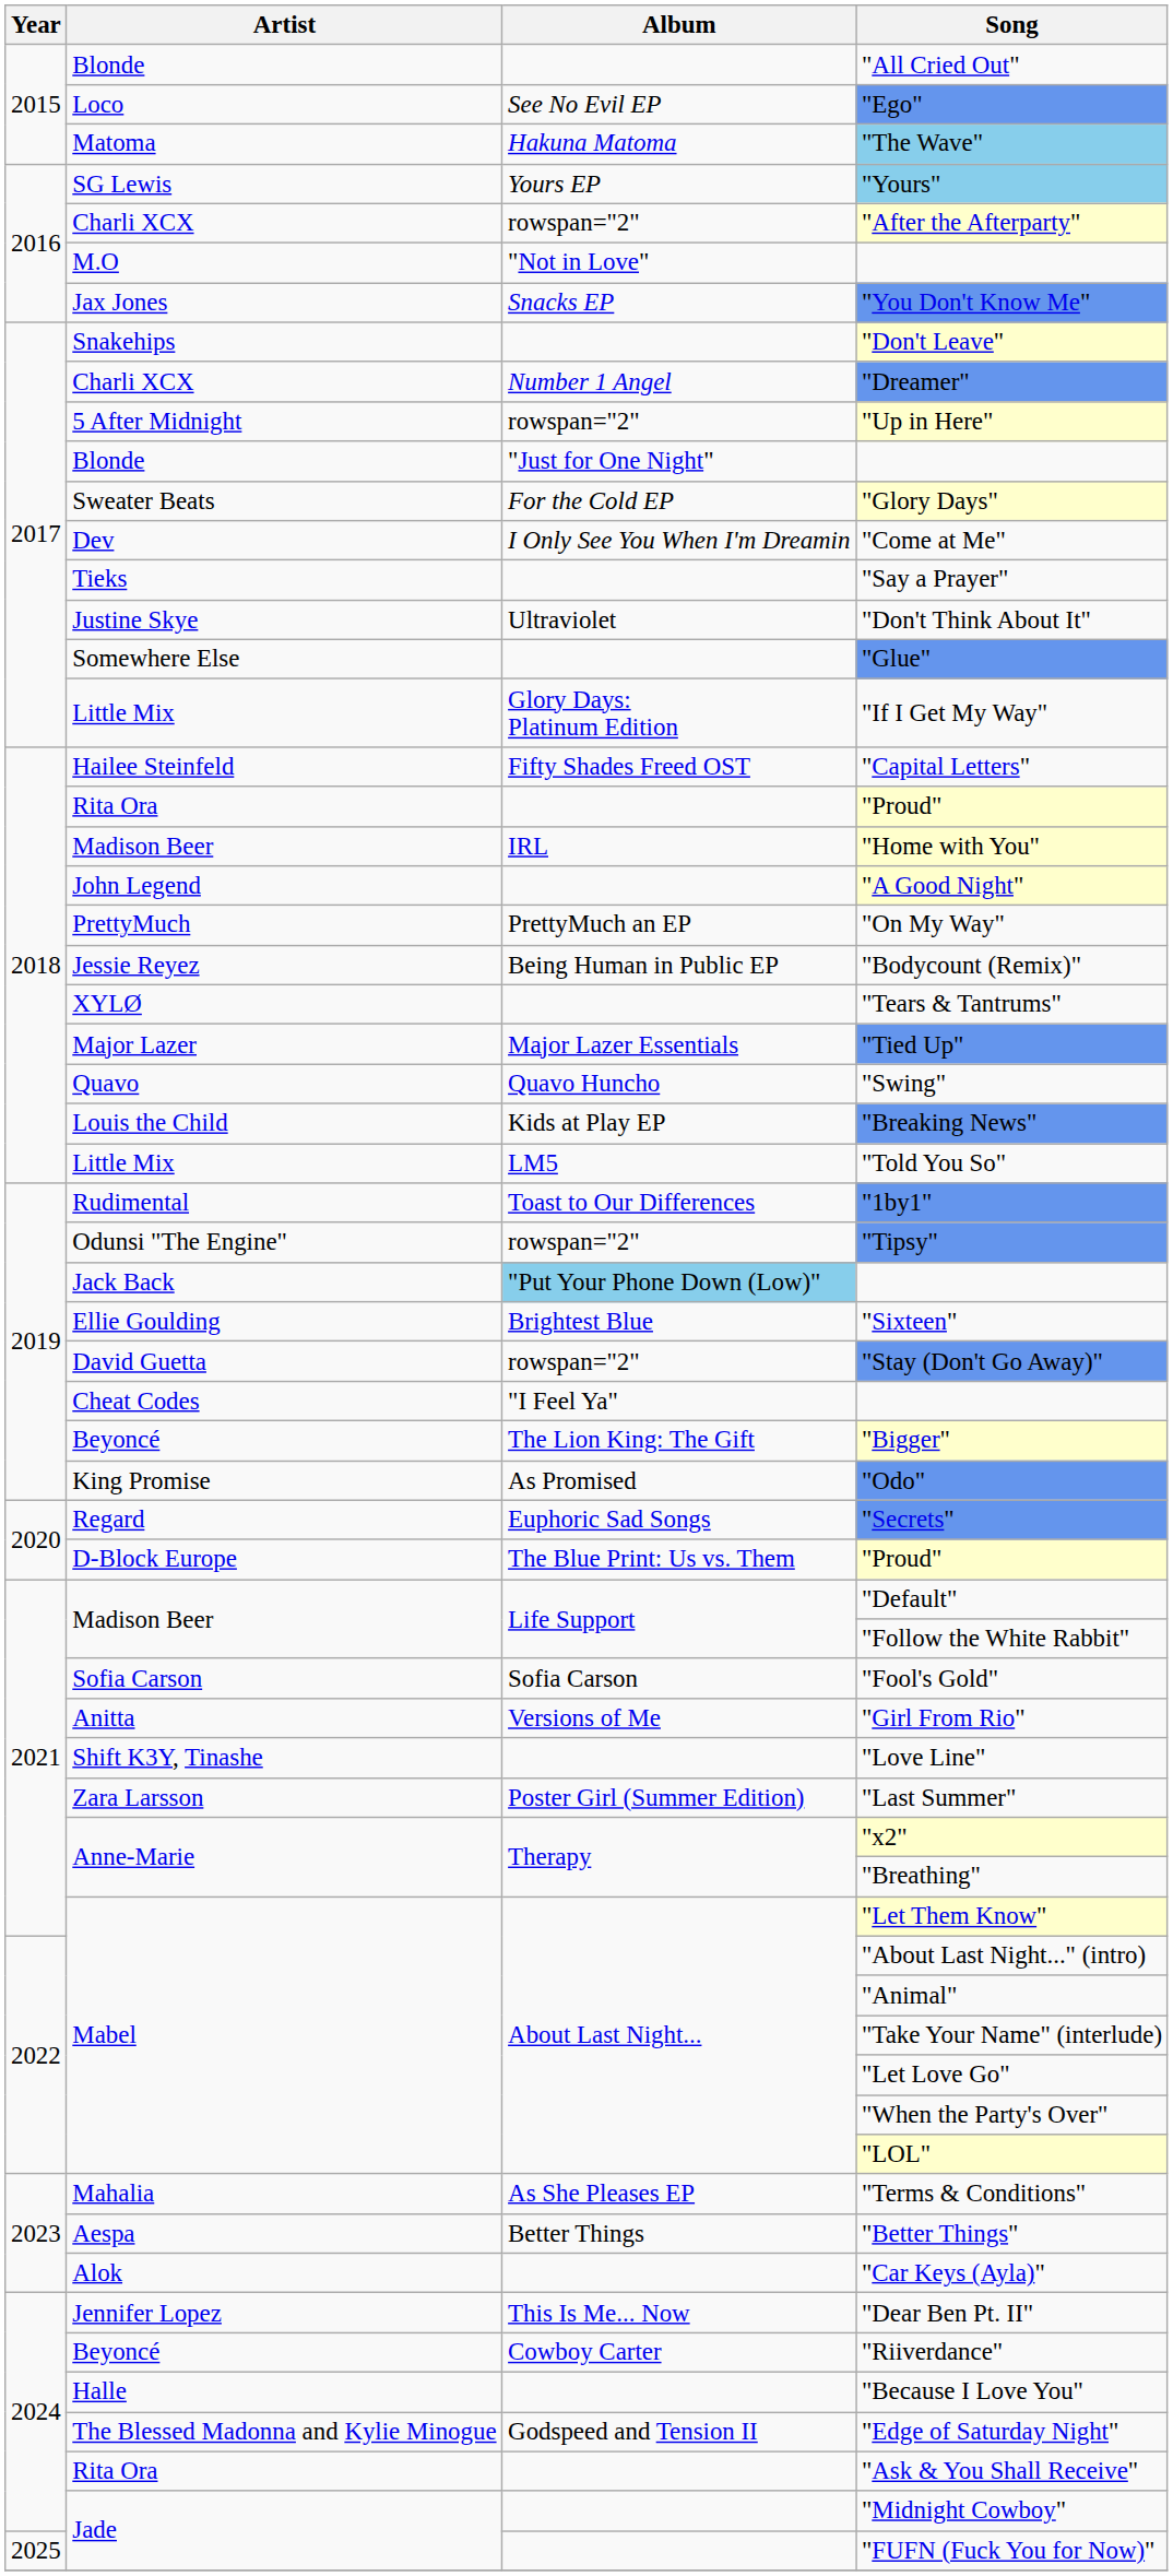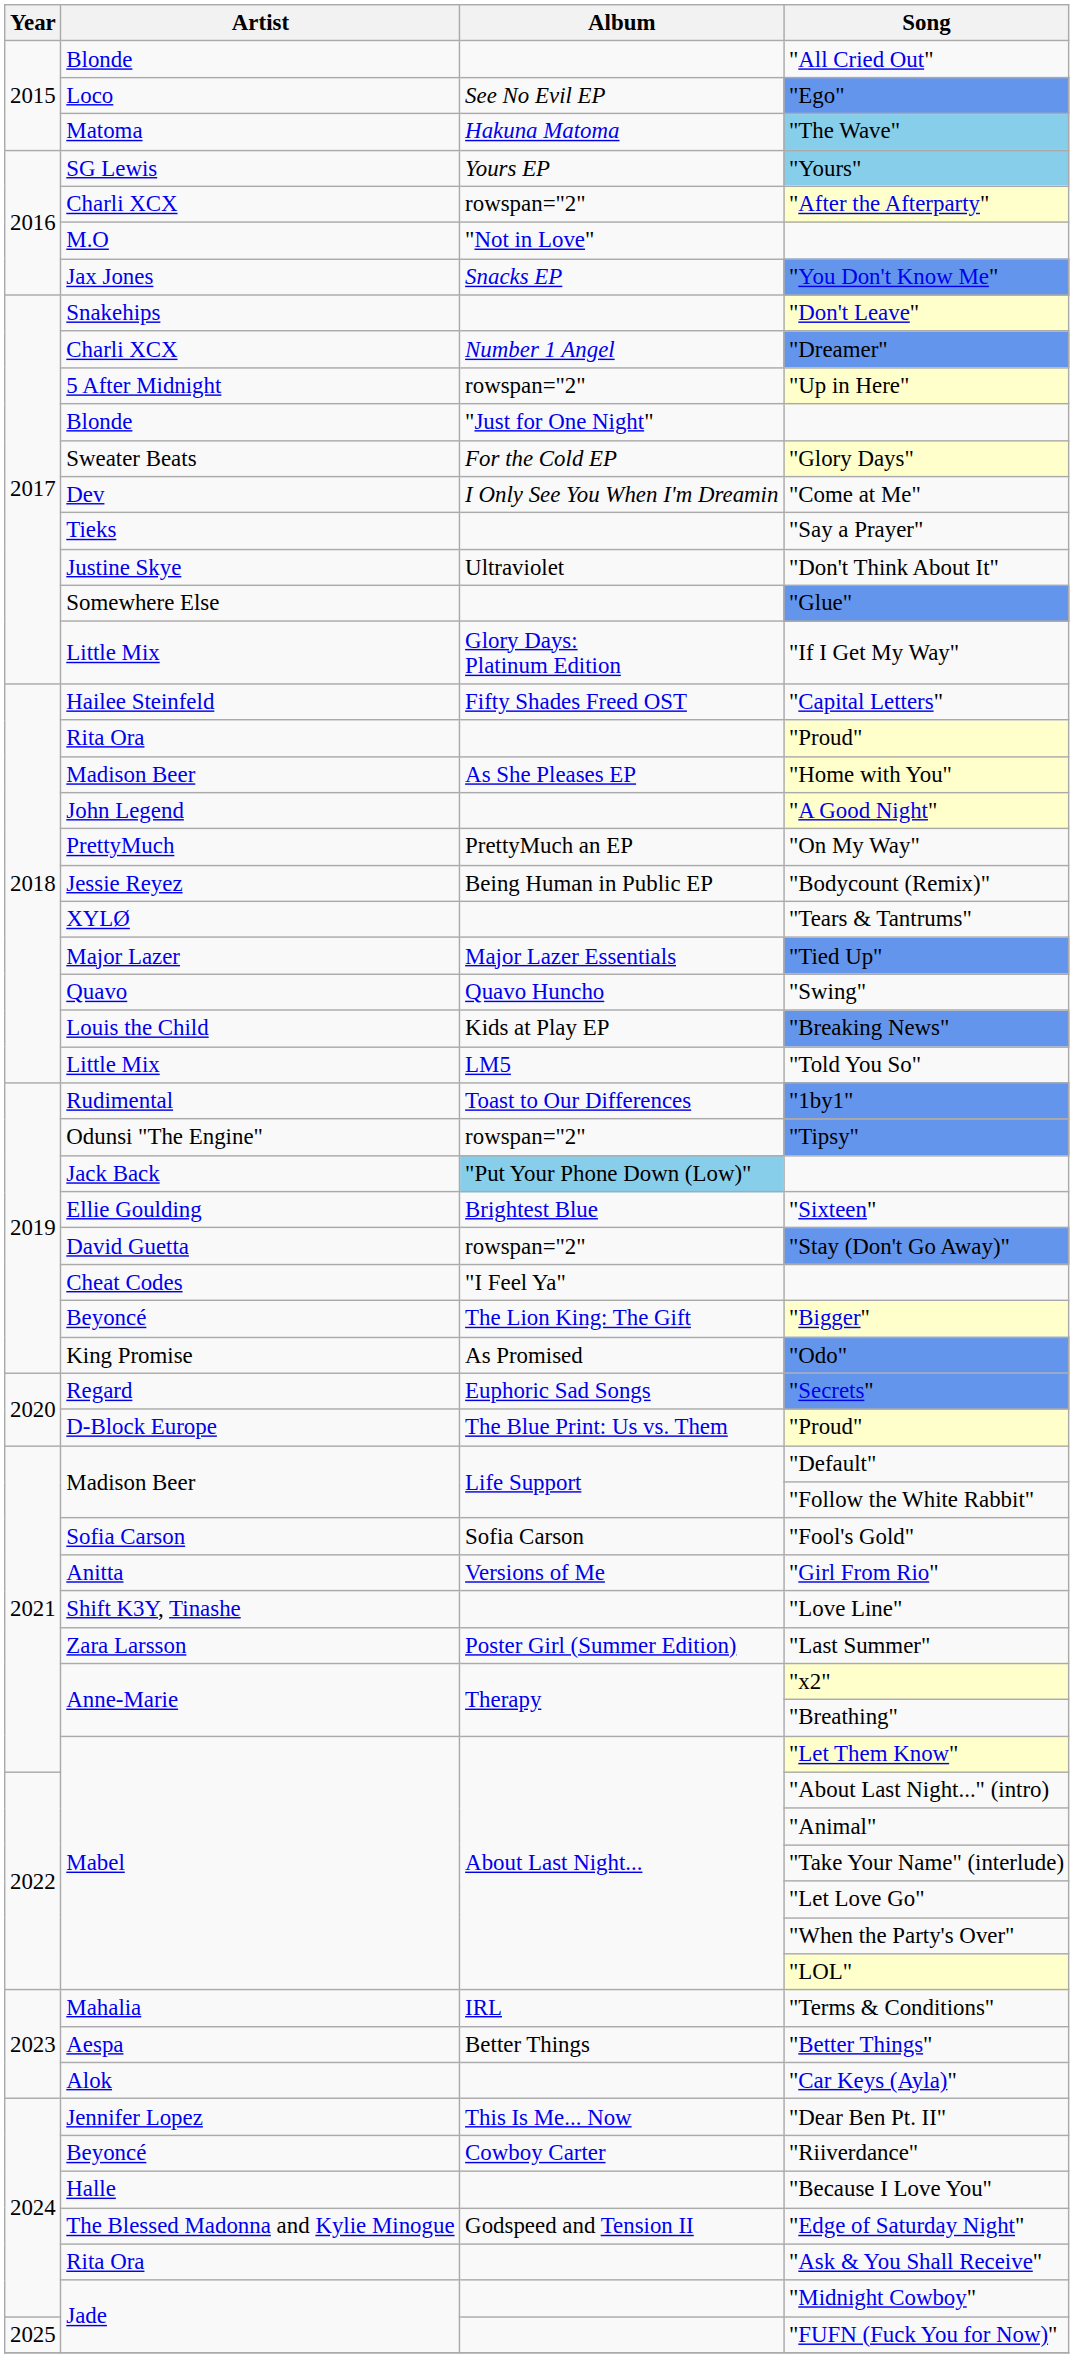 <table class="wikitable">
 <tr>
 <th>Year</th>
 <th>Artist</th>
 <th>Album</th>
 <th>Song</th>
 </tr>
 <tr>
 <td rowspan="3">2015</td>
 <td><a href='#'>Blonde</a></td>
 <td></td>
 <td>"<a href='#'>All Cried Out</a>"<br></td>
 </tr>
 <tr>
 <td><a href='#'>Loco</a></td>
 <td><em>See No Evil EP</em></td>
 <td style="background:#6495ed">"Ego"<br></td>
 </tr>
 <tr>
 <td><a href='#'>Matoma</a></td>
 <td><em><a href='#'>Hakuna Matoma</a></em></td>
 <td style="background:#87ceeb">"The Wave"<br></td>
 </tr>
 <tr>
 <td rowspan="4">2016</td>
 <td><a href='#'>SG Lewis</a></td>
 <td><em>Yours EP</em></td>
 <td style="background:#87ceeb">"Yours"</td>
 </tr>
 <tr>
 <td><a href='#'>Charli XCX</a></td>
 <td>rowspan="2" </td>
 <td style="background:#ffffcc">"<a href='#'>After the Afterparty</a>"<br></td>
 </tr>
 <tr>
 <td><a href='#'>M.O</a></td>
 <td>"<a href='#'>Not in Love</a>"<br></td>
 </tr>
 <tr>
 <td><a href='#'>Jax Jones</a></td>
 <td><em><a href='#'>Snacks EP</a></em></td>
 <td style="background:#6495ed">"<a href='#'>You Don't Know Me</a>"<br></td>
 </tr>
 <tr>
 <td rowspan="10">2017</td>
 <td><a href='#'>Snakehips</a></td>
 <td></td>
 <td style="background:#ffffcc">"<a href='#'>Don't Leave</a>"<br></td>
 </tr>
 <tr>
 <td><a href='#'>Charli XCX</a></td>
 <td><em><a href='#'>Number 1 Angel</a></em></td>
 <td style="background:#6495ed">"Dreamer"<br></td>
 </tr>
 <tr>
 <td><a href='#'>5 After Midnight</a></td>
 <td>rowspan="2" </td>
 <td style="background:#ffffcc">"Up in Here"</td>
 </tr>
 <tr>
 <td><a href='#'>Blonde</a></td>
 <td>"<a href='#'>Just for One Night</a>"<br></td>
 </tr>
 <tr>
 <td>Sweater Beats</td>
 <td><em>For the Cold EP</em></td>
 <td style="background:#ffffcc">"Glory Days"<br></td>
 </tr>
 <tr>
 <td><a href='#'>Dev</a></td>
 <td><em>I Only See You When I'm Dreamin<strong></td>
 <td>"Come at Me"</td>
 </tr>
 <tr>
 <td><a href='#'>Tieks</a></td>
 <td></td>
 <td>"Say a Prayer"<br></td>
 </tr>
 <tr>
 <td><a href='#'>Justine Skye</a></td>
 <td></em>Ultraviolet<em></td>
 <td>"Don't Think About It"</td>
 </tr>
 <tr>
 <td>Somewhere Else</td>
 <td></td>
 <td style="background:#6495ed">"Glue"<br></td>
 </tr>
 <tr>
 <td><a href='#'>Little Mix</a></td>
 <td></em><a href='#'>Glory Days:<br>Platinum Edition</a><em></td>
 <td>"If I Get My Way"</td>
 </tr>
 <tr>
 <td rowspan="11">2018</td>
 <td><a href='#'>Hailee Steinfeld</a></td>
 <td></em><a href='#'>Fifty Shades Freed OST</a><em></td>
 <td>"<a href='#'>Capital Letters</a>"<br></td>
 </tr>
 <tr>
 <td><a href='#'>Rita Ora</a></td>
 <td></td>
 <td style="background:#ffffcc">"Proud"</td>
 </tr>
 <tr>
 <td><a href='#'>Madison Beer</a></td>
-<td></em><a href='#'>IRL</a><em></td>
+<td></em><a href='#'>As She Pleases EP</a><em></td>
 <td style="background:#ffffcc">"Home with You"</td>
 </tr>
 <tr>
 <td><a href='#'>John Legend</a></td>
 <td></td>
 <td style="background:#ffffcc">"<a href='#'>A Good Night</a>"<br></td>
 </tr>
 <tr>
 <td><a href='#'>PrettyMuch</a></td>
 <td></em>PrettyMuch an EP<em></td>
 <td>"On My Way"</td>
 </tr>
 <tr>
 <td><a href='#'>Jessie Reyez</a></td>
 <td></em>Being Human in Public EP<em></td>
 <td>"Bodycount (Remix)"<br></td>
 </tr>
 <tr>
 <td><a href='#'>XYLØ</a></td>
 <td></td>
 <td>"Tears & Tantrums"</td>
 </tr>
 <tr>
 <td><a href='#'>Major Lazer</a></td>
 <td></em><a href='#'>Major Lazer Essentials</a><em></td>
 <td style="background:#6495ed">"Tied Up" </td>
 </tr>
 <tr>
 <td><a href='#'>Quavo</a></td>
 <td></em><a href='#'>Quavo Huncho</a><em></td>
 <td>"Swing"<br></td>
 </tr>
 <tr>
 <td><a href='#'>Louis the Child</a></td>
 <td></em>Kids at Play EP<em></td>
 <td style="background:#6495ed">"Breaking News"<br></td>
 </tr>
 <tr>
 <td><a href='#'>Little Mix</a></td>
 <td></em><a href='#'>LM5</a><em></td>
 <td>"Told You So"</td>
 </tr>
 <tr>
 <td rowspan="8">2019</td>
 <td><a href='#'>Rudimental</a></td>
 <td></em><a href='#'>Toast to Our Differences</a><em></td>
 <td style="background:#6495ed">"1by1"<br></td>
 </tr>
 <tr>
 <td>Odunsi "The Engine"</td>
 <td>rowspan="2" </td>
 <td style="background:#6495ed">"Tipsy"<br></td>
 </tr>
 <tr>
 <td><a href='#'>Jack Back</a></td>
 <td style="background:#87ceeb">"Put Your Phone Down (Low)"</td>
 </tr>
 <tr>
 <td><a href='#'>Ellie Goulding</a></td>
 <td></em><a href='#'>Brightest Blue</a><em></td>
 <td>"<a href='#'>Sixteen</a>"</td>
 </tr>
 <tr>
 <td><a href='#'>David Guetta</a></td>
 <td>rowspan="2" </td>
 <td style="background:#6495ed">"Stay (Don't Go Away)"<br></td>
 </tr>
 <tr>
 <td><a href='#'>Cheat Codes</a></td>
 <td>"I Feel Ya"<br></td>
 </tr>
 <tr>
 <td><a href='#'>Beyoncé</a></td>
 <td></em><a href='#'>The Lion King: The Gift</a><em></td>
 <td style="background:#ffffcc">"<a href='#'>Bigger</a>"</td>
 </tr>
 <tr>
 <td>King Promise</td>
 <td></em>As Promised<em></td>
 <td style="background:#6495ed">"Odo"</td>
 </tr>
 <tr>
 <td rowspan="2">2020</td>
 <td><a href='#'>Regard</a></td>
 <td></em><a href='#'>Euphoric Sad Songs</a><em></td>
 <td style="background:#6495ed">"<a href='#'>Secrets</a>"<br></td>
 </tr>
 <tr>
 <td><a href='#'>D-Block Europe</a></td>
 <td></em><a href='#'>The Blue Print: Us vs. Them</a><em></td>
 <td style="background:#ffffcc">"Proud"</td>
 </tr>
 <tr>
 <td rowspan="9">2021</td>
 <td rowspan="2">Madison Beer</td>
 <td rowspan="2"></em><a href='#'>Life Support</a><em></td>
 <td>"Default"</td>
 </tr>
 <tr>
 <td>"Follow the White Rabbit"</td>
 </tr>
 <tr>
 <td><a href='#'>Sofia Carson</a></td>
 <td></em>Sofia Carson<em></td>
 <td>"Fool's Gold"</td>
 </tr>
 <tr>
 <td><a href='#'>Anitta</a></td>
 <td></em><a href='#'>Versions of Me</a><em></td>
 <td>"<a href='#'>Girl From Rio</a>"</td>
 </tr>
 <tr>
 <td><a href='#'>Shift K3Y</a>, <a href='#'>Tinashe</a></td>
 <td></td>
 <td>"Love Line"</td>
 </tr>
 <tr>
 <td><a href='#'>Zara Larsson</a></td>
 <td></em><a href='#'>Poster Girl (Summer Edition)</a><em></td>
 <td>"Last Summer"</td>
 </tr>
 <tr>
 <td rowspan="2"><a href='#'>Anne-Marie</a></td>
 <td rowspan="2"></em><a href='#'>Therapy</a><em></td>
 <td style="background:#ffffcc">"x2"</td>
 </tr>
 <tr>
 <td>"Breathing"</td>
 </tr>
 <tr>
 <td rowspan="7"><a href='#'>Mabel</a></td>
 <td rowspan="7"></em><a href='#'>About Last Night...</a><em></td>
 <td style="background:#ffffcc">"<a href='#'>Let Them Know</a>"</td>
 </tr>
 <tr>
 <td rowspan="6">2022</td>
 <td>"About Last Night..." (intro)</td>
 </tr>
 <tr>
 <td>"Animal"</td>
 </tr>
 <tr>
 <td>"Take Your Name" (interlude)</td>
 </tr>
 <tr>
 <td>"Let Love Go"<br></td>
 </tr>
 <tr>
 <td>"When the Party's Over"</td>
 </tr>
 <tr>
 <td style="background:#ffffcc">"LOL"</td>
 </tr>
 <tr>
 <td rowspan="3">2023</td>
 <td><a href='#'>Mahalia</a></td>
-<td></em><a href='#'>As She Pleases EP</a><em></td>
+<td></em><a href='#'>IRL</a><em></td>
 <td>"Terms & Conditions"</td>
 </tr>
 <tr>
 <td><a href='#'>Aespa</a></td>
 <td></em>Better Things<em></td>
 <td>"<a href='#'>Better Things</a>"</td>
 </tr>
 <tr>
 <td><a href='#'>Alok</a></td>
 <td></td>
 <td>"<a href='#'>Car Keys (Ayla)</a>" <br></td>
 </tr>
 <tr>
 <td rowspan="6">2024</td>
 <td><a href='#'>Jennifer Lopez</a></td>
 <td></em><a href='#'>This Is Me... Now</a><em></td>
 <td>"Dear Ben Pt. II"</td>
 </tr>
 <tr>
 <td><a href='#'>Beyoncé</a></td>
 <td></em><a href='#'>Cowboy Carter</a><em></td>
 <td>"Riiverdance"</td>
 </tr>
 <tr>
 <td><a href='#'>Halle</a></td>
 <td></td>
 <td>"Because I Love You"</td>
 </tr>
 <tr>
 <td><a href='#'>The Blessed Madonna</a> and <a href='#'>Kylie Minogue</a></td>
 <td></em>Godspeed and <a href='#'>Tension II</a><em></td>
 <td>"<a href='#'>Edge of Saturday Night</a>"</td>
 </tr>
 <tr>
 <td><a href='#'>Rita Ora</a></td>
 <td></td>
 <td>"<a href='#'>Ask & You Shall Receive</a>"</td>
 </tr>
 <tr>
 <td rowspan="2"><a href='#'>Jade</a></td>
 <td></td>
 <td>"<a href='#'>Midnight Cowboy</a>"</td>
 </tr>
 <tr>
 <td rowspan="1">2025</td>
 <td></td>
 <td>"<a href='#'>FUFN (Fuck You for Now)</a>"</td>
 </tr>
 <tr>
 </tr>
 </table>
